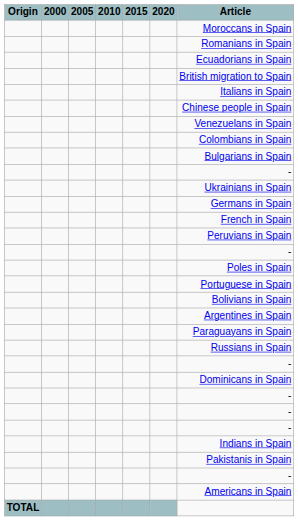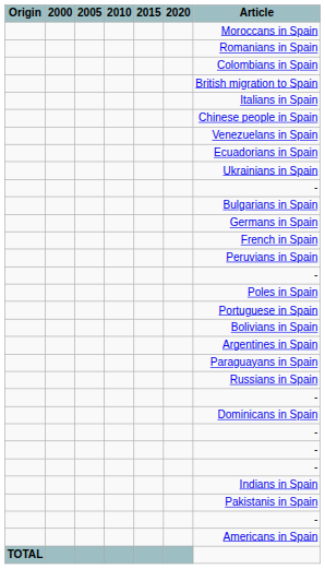 <table class="wikitable sortable">
 <tr>
 <th style="text-align:center; background:#9dbec3;">Origin</th>
 <th style="text-align:center; background:#9dbec3;">2000</th>
 <th style="text-align:center; background:#9dbec3;">2005</th>
 <th style="text-align:center; background:#9dbec3;">2010</th>
 <th style="text-align:center; background:#9dbec3;">2015</th>
 <th style="text-align:center; background:#9dbec3;">2020</th>
 <th style="text-align:center; background:#9dbec3;">Article</th>
 </tr>
 <tr>
 <td border = "1"></td>
 <td align="right"></td>
 <td align="right"></td>
 <td align="right"></td>
 <td align="right"></td>
 <td align="right"></td>
 <td align="right"><a href='#'>Moroccans in Spain</a></td>
 </tr>
 <tr>
 <td border = "1"></td>
 <td align="right"></td>
 <td align="right"></td>
 <td align="right"></td>
 <td align="right"></td>
 <td align="right"></td>
 <td align="right"><a href='#'>Romanians in Spain</a></td>
 </tr>
 <tr>
 <td border = "1"></td>
 <td align="right"></td>
 <td align="right"></td>
 <td align="right"></td>
 <td align="right"></td>
 <td align="right"></td>
-<td align="right"><a href='#'>Ecuadorians in Spain</a></td>
+<td align="right"><a href='#'>Colombians in Spain</a></td>
 </tr>
 <tr>
 <td border = "1"></td>
 <td align="right"></td>
 <td align="right"></td>
 <td align="right"></td>
 <td align="right"></td>
 <td align="right"></td>
 <td align="right"><a href='#'>British migration to Spain</a></td>
 </tr>
 <tr>
 <td border = "1"></td>
 <td align="right"></td>
 <td align="right"></td>
 <td align="right"></td>
 <td align="right"></td>
 <td align="right"></td>
 <td align="right"><a href='#'>Italians in Spain</a></td>
 </tr>
 <tr>
 <td border = "1"></td>
 <td align="right"></td>
 <td align="right"></td>
 <td align="right"></td>
 <td align="right"></td>
 <td align="right"></td>
 <td align="right"><a href='#'>Chinese people in Spain</a></td>
 </tr>
 <tr>
 <td border = "1"></td>
 <td align="right"></td>
 <td align="right"></td>
 <td align="right"></td>
 <td align="right"></td>
 <td align="right"></td>
 <td align="right"><a href='#'>Venezuelans in Spain</a></td>
 </tr>
 <tr>
 <td border = "1"></td>
 <td align="right"></td>
 <td align="right"></td>
 <td align="right"></td>
 <td align="right"></td>
 <td align="right"></td>
-<td align="right"><a href='#'>Colombians in Spain</a></td>
+<td align="right"><a href='#'>Ecuadorians in Spain</a></td>
 </tr>
 <tr>
 <td border = "1"></td>
 <td align="right"></td>
 <td align="right"></td>
 <td align="right"></td>
 <td align="right"></td>
 <td align="right"></td>
-<td align="right"><a href='#'>Bulgarians in Spain</a></td>
+<td align="right"><a href='#'>Ukrainians in Spain</a></td>
 </tr>
 <tr>
 <td border = "1"></td>
 <td align="right"></td>
 <td align="right"></td>
 <td align="right"></td>
 <td align="right"></td>
 <td align="right"></td>
 <td align="right">-</td>
 </tr>
 <tr>
 <td border = "1"></td>
 <td align="right"></td>
 <td align="right"></td>
 <td align="right"></td>
 <td align="right"></td>
 <td align="right"></td>
-<td align="right"><a href='#'>Ukrainians in Spain</a></td>
+<td align="right"><a href='#'>Bulgarians in Spain</a></td>
 </tr>
 <tr>
 <td border = "1"></td>
 <td align="right"></td>
 <td align="right"></td>
 <td align="right"></td>
 <td align="right"></td>
 <td align="right"></td>
 <td align="right"><a href='#'>Germans in Spain</a></td>
 </tr>
 <tr>
 <td border = "1"></td>
 <td align="right"></td>
 <td align="right"></td>
 <td align="right"></td>
 <td align="right"></td>
 <td align="right"></td>
 <td align="right"><a href='#'>French in Spain</a></td>
 </tr>
 <tr>
 <td border = "1"></td>
 <td align="right"></td>
 <td align="right"></td>
 <td align="right"></td>
 <td align="right"></td>
 <td align="right"></td>
 <td align="right"><a href='#'>Peruvians in Spain</a></td>
 </tr>
 <tr>
 <td border = "1"></td>
 <td align="right"></td>
 <td align="right"></td>
 <td align="right"></td>
 <td align="right"></td>
 <td align="right"></td>
 <td align="right">-</td>
 </tr>
 <tr>
 <td border = "1"></td>
 <td align="right"></td>
 <td align="right"></td>
 <td align="right"></td>
 <td align="right"></td>
 <td align="right"></td>
 <td align="right"><a href='#'>Poles in Spain</a></td>
 </tr>
 <tr>
 <td border = "1"></td>
 <td align="right"></td>
 <td align="right"></td>
 <td align="right"></td>
 <td align="right"></td>
 <td align="right"></td>
 <td align="right"><a href='#'>Portuguese in Spain</a></td>
 </tr>
 <tr>
 <td border = "1"></td>
 <td align="right"></td>
 <td align="right"></td>
 <td align="right"></td>
 <td align="right"></td>
 <td align="right"></td>
 <td align="right"><a href='#'>Bolivians in Spain</a></td>
 </tr>
 <tr>
 <td border = "1"></td>
 <td align="right"></td>
 <td align="right"></td>
 <td align="right"></td>
 <td align="right"></td>
 <td align="right"></td>
 <td align="right"><a href='#'>Argentines in Spain</a></td>
 </tr>
 <tr>
 <td border = "1"></td>
 <td align="right"></td>
 <td align="right"></td>
 <td align="right"></td>
 <td align="right"></td>
 <td align="right"></td>
 <td align="right"><a href='#'>Paraguayans in Spain</a></td>
 </tr>
 <tr>
 <td border = "1"></td>
 <td align="right"></td>
 <td align="right"></td>
 <td align="right"></td>
 <td align="right"></td>
 <td align="right"></td>
 <td align="right"><a href='#'>Russians in Spain</a></td>
 </tr>
 <tr>
 <td border = "1"></td>
 <td align="right"></td>
 <td align="right"></td>
 <td align="right"></td>
 <td align="right"></td>
 <td align="right"></td>
 <td align="right">-</td>
 </tr>
 <tr>
 <td border = "1"></td>
 <td align="right"></td>
 <td align="right"></td>
 <td align="right"></td>
 <td align="right"></td>
 <td align="right"></td>
 <td align="right"><a href='#'>Dominicans in Spain</a></td>
 </tr>
 <tr>
 <td border = "1"></td>
 <td align="right"></td>
 <td align="right"></td>
 <td align="right"></td>
 <td align="right"></td>
 <td align="right"></td>
 <td align="right">-</td>
 </tr>
 <tr>
 <td border = "1"></td>
 <td align="right"></td>
 <td align="right"></td>
 <td align="right"></td>
 <td align="right"></td>
 <td align="right"></td>
 <td align="right">-</td>
 </tr>
 <tr>
 <td border = "1"></td>
 <td align="right"></td>
 <td align="right"></td>
 <td align="right"></td>
 <td align="right"></td>
 <td align="right"></td>
 <td align="right">-</td>
 </tr>
 <tr>
 <td border = "1"></td>
 <td align="right"></td>
 <td align="right"></td>
 <td align="right"></td>
 <td align="right"></td>
 <td align="right"></td>
 <td align="right"><a href='#'>Indians in Spain</a></td>
 </tr>
 <tr>
 <td border = "1"></td>
 <td align="right"></td>
 <td align="right"></td>
 <td align="right"></td>
 <td align="right"></td>
 <td align="right"></td>
 <td align="right"><a href='#'>Pakistanis in Spain</a></td>
 </tr>
 <tr>
 <td border = "1"></td>
 <td align="right"></td>
 <td align="right"></td>
 <td align="right"></td>
 <td align="right"></td>
 <td align="right"></td>
 <td align="right">-</td>
 </tr>
 <tr>
 <td border = "1"></td>
 <td align="right"></td>
 <td align="right"></td>
 <td align="right"></td>
 <td align="right"></td>
 <td align="right"></td>
 <td align="right"><a href='#'>Americans in Spain</a></td>
 </tr>
 <tr>
 <td border = "1" style="background:#9DBEC3;"><strong>TOTAL</strong></td>
 <td style="text-align:right; background:#9dbec3;"></td>
 <td style="text-align:right; background:#9dbec3;"></td>
 <td style="text-align:right; background:#9dbec3;"></td>
 <td style="text-align:right; background:#9dbec3;"></td>
 <td style="text-align:right; background:#9dbec3;"></td>
 </tr>
 </table>
